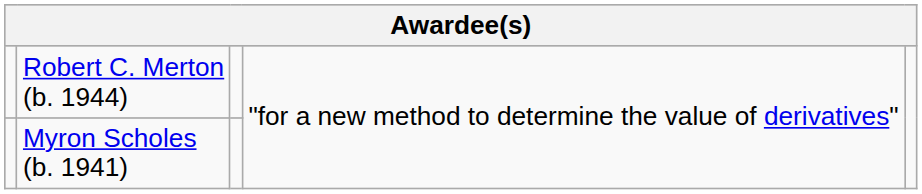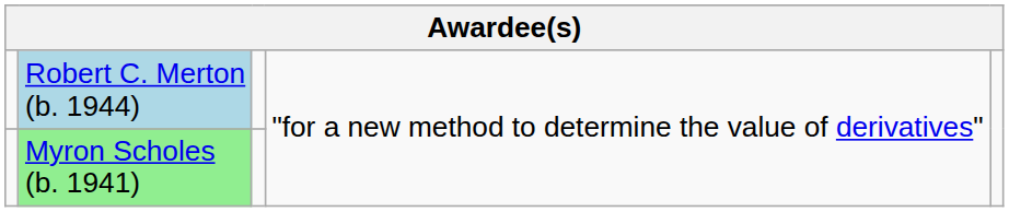 <table class="wikitable">
 <tr>
 <th colspan="5">Awardee(s)</th>
 </tr>
 <tr>
 <td></td>
-<td><a href='#'>Robert C. Merton</a><br>(b. 1944)</td>
+<td style="background: lightblue;"><a href='#'>Robert C. Merton</a><br>(b. 1944)</td>
 <td></td>
 <td rowspan="2">"for a new method to determine the value of <a href='#'>derivatives</a>"</td>
 <td rowspan="2"></td>
 </tr>
 <tr>
 <td></td>
-<td><a href='#'>Myron Scholes</a><br>(b. 1941)</td>
+<td style="background: lightgreen;"><a href='#'>Myron Scholes</a><br>(b. 1941)</td>
 <td><br></td>
 </tr>
 </table>
